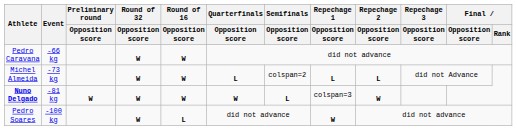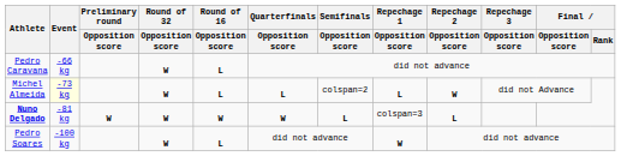 <table class=wikitable style="font-size:90%">
 <tr>
 <th rowspan=2>Athlete</th>
 <th rowspan=2>Event</th>
 <th>Preliminary round</th>
 <th>Round of 32</th>
 <th>Round of 16</th>
 <th>Quarterfinals</th>
 <th>Semifinals</th>
 <th>Repechage 1</th>
 <th>Repechage 2</th>
 <th>Repechage 3</th>
 <th colspan=2>Final / </th>
 </tr>
 <tr>
 <th>Opposition<br> score</th>
 <th>Opposition<br> score</th>
 <th>Opposition<br> score</th>
 <th>Opposition<br> score</th>
 <th>Opposition<br> score</th>
 <th>Opposition<br> score</th>
 <th>Opposition<br> score</th>
 <th>Opposition<br> score</th>
 <th>Opposition<br> score</th>
 <th>Rank</th>
 </tr>
 <tr align=center>
 <td><a href='#'>Pedro Caravana</a></td>
 <td><a href='#'>-66 kg</a></td>
 <td></td>
 <td> <br> <strong>W</strong></td>
-<td> <br> <strong>W</strong></td>
+<td> <br> <strong>L</strong></td>
 <td colspan=7>did not advance</td>
 </tr>
 <tr align=center>
 <td><a href='#'>Michel Almeida</a></td>
-<td><a href='#'>-73 kg</a></td>
+<td style="background: lightyellow;"><a href='#'>-73 kg</a></td>
 <td></td>
 <td> <br> <strong>W</strong></td>
-<td> <br> <strong>W</strong></td>
+<td> <br> <strong>L</strong></td>
 <td> <br> <strong>L</strong></td>
 <td>colspan=2 </td>
 <td> <br> <strong>L</strong></td>
-<td> <br> <strong>L</strong></td>
+<td> <br> <strong>W</strong></td>
 <td colspan=2>did not Advance</td>
 </tr>
 <tr align=center>
 <td><strong><a href='#'>Nuno Delgado</a></strong></td>
 <td><a href='#'>-81 kg</a></td>
 <td> <br> <strong>W</strong></td>
 <td> <br> <strong>W</strong></td>
 <td> <br> <strong>W</strong></td>
 <td> <br> <strong>W</strong></td>
 <td> <br> <strong>L</strong></td>
 <td>colspan=3 </td>
-<td> <br> <strong>W</strong></td>
+<td> <br> <strong>L</strong></td>
 <td></td>
 </tr>
 <tr align=center>
 <td><a href='#'>Pedro Soares</a></td>
 <td><a href='#'>-100 kg</a></td>
 <td></td>
 <td> <br> <strong>W</strong></td>
 <td> <br> <strong>L</strong></td>
 <td colspan=2>did not advance</td>
 <td> <br> <strong>W</strong></td>
 <td colspan=4>did not advance</td>
 </tr>
 </table>
